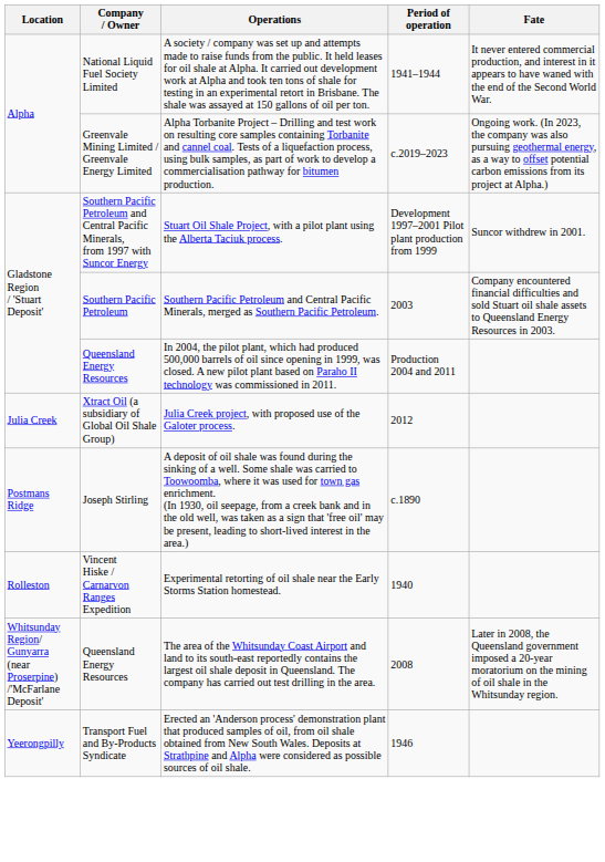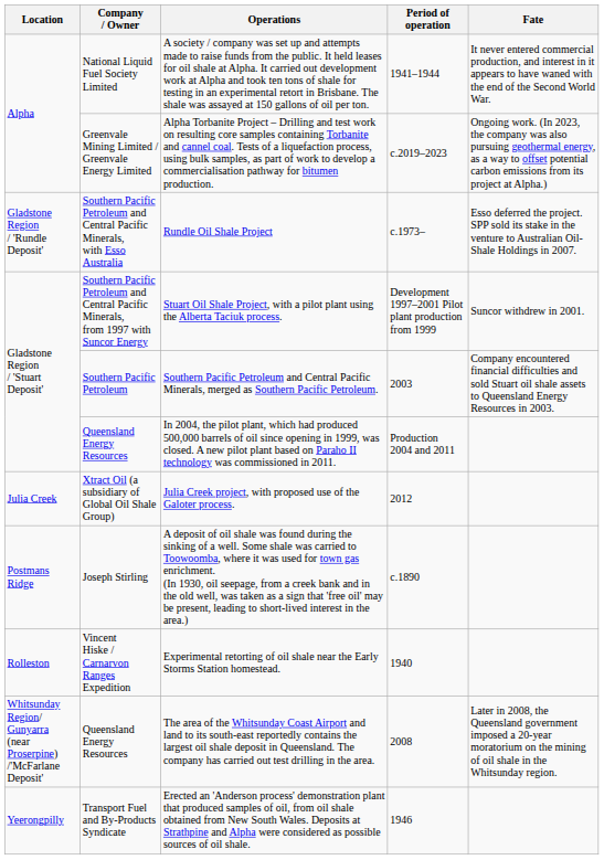 <table class="wikitable">
 <tr>
 <th>Location</th>
 <th>Company<br>/ Owner</th>
 <th>Operations</th>
 <th>Period of<br>operation</th>
 <th>Fate</th>
 </tr>
 <tr>
 <td rowspan="2"><a href='#'>Alpha</a></td>
 <td>National Liquid Fuel Society Limited</td>
 <td>A society / company was set up and attempts made to raise funds from the public. It held leases for oil shale at Alpha. It carried out development work at Alpha and took ten tons of shale for testing in an experimental retort in Brisbane. The shale was assayed at 150 gallons of oil per ton.</td>
 <td>1941–1944</td>
 <td>It never entered commercial production, and interest in it appears to have waned with the end of the Second World War.</td>
 </tr>
 <tr>
 <td>Greenvale Mining Limited / Greenvale Energy Limited</td>
 <td>Alpha Torbanite Project – Drilling and test work on resulting core samples containing <a href='#'>Torbanite</a> and <a href='#'>cannel coal</a>. Tests of a liquefaction process, using bulk samples, as part of work to develop a commercialisation pathway for <a href='#'>bitumen</a> production.</td>
 <td>c.2019–2023</td>
 <td>Ongoing work. (In 2023, the company was also pursuing <a href='#'>geothermal energy</a>, as a way to <a href='#'>offset</a> potential carbon emissions from its  project at Alpha.)</td>
+</tr>
+<tr>
+<td><a href='#'>Gladstone Region</a><br>/ 'Rundle Deposit'</td>
+<td><a href='#'>Southern Pacific Petroleum</a> and Central Pacific Minerals,<br>with <a href='#'>Esso Australia</a></td>
+<td><a href='#'>Rundle Oil Shale Project</a></td>
+<td>c.1973–</td>
+<td>Esso deferred the project. SPP sold its stake in the venture to Australian Oil-Shale Holdings in 2007.</td>
 </tr>
 <tr>
 <td rowspan="3">Gladstone Region<br>/ 'Stuart Deposit'</td>
 <td><a href='#'>Southern Pacific Petroleum</a> and Central Pacific Minerals,<br>from 1997 with <a href='#'>Suncor Energy</a></td>
 <td><a href='#'>Stuart Oil Shale Project</a>, with a pilot plant using the <a href='#'>Alberta Taciuk process</a>.</td>
 <td>Development<br>1997–2001 Pilot plant production from 1999</td>
 <td>Suncor withdrew in 2001.</td>
 </tr>
 <tr>
 <td><a href='#'>Southern Pacific Petroleum</a></td>
 <td><a href='#'>Southern Pacific Petroleum</a> and Central Pacific Minerals, merged as <a href='#'>Southern Pacific Petroleum</a>.</td>
 <td>2003</td>
 <td>Company encountered financial difficulties and sold Stuart oil shale assets to Queensland Energy Resources in 2003.</td>
 </tr>
 <tr>
 <td><a href='#'>Queensland Energy Resources</a></td>
 <td>In 2004, the pilot plant, which had produced 500,000 barrels of oil since opening in 1999, was closed. A new pilot plant based on  <a href='#'>Paraho II technology</a> was commissioned in 2011.</td>
 <td>Production<br>2004 and 2011</td>
 <td></td>
 </tr>
 <tr>
 <td><a href='#'>Julia Creek</a></td>
 <td><a href='#'>Xtract Oil</a> (a subsidiary of Global Oil Shale Group)</td>
 <td><a href='#'>Julia Creek project</a>, with proposed use of the <a href='#'>Galoter process</a>.</td>
 <td>2012</td>
 <td></td>
 </tr>
 <tr>
 <td><a href='#'>Postmans Ridge</a></td>
 <td>Joseph Stirling</td>
 <td>A deposit of oil shale was found during the sinking of a well. Some shale was carried to <a href='#'>Toowoomba</a>, where it was used for <a href='#'>town gas</a> enrichment.<br>(In 1930, oil seepage, from a creek bank and in the old well, was taken as a sign that 'free oil' may be present, leading to short-lived interest in the area.)</td>
 <td>c.1890</td>
 <td></td>
 </tr>
 <tr>
 <td><a href='#'>Rolleston</a></td>
 <td>Vincent<br>Hiske / <a href='#'>Carnarvon</a><br><a href='#'>Ranges</a> Expedition</td>
 <td>Experimental retorting of oil shale near the Early Storms Station homestead.</td>
 <td>1940</td>
 </tr>
 <tr>
 <td><a href='#'>Whitsunday Region</a>/ <a href='#'>Gunyarra</a><br>(near <a href='#'>Proserpine</a>) /'McFarlane Deposit'</td>
 <td>Queensland Energy Resources</td>
 <td>The area of the <a href='#'>Whitsunday Coast Airport</a> and land to its south-east reportedly contains the largest oil shale deposit in Queensland. The company has carried out test drilling in the area.</td>
 <td>2008</td>
 <td>Later in 2008, the Queensland government imposed a 20-year moratorium on the mining of oil shale in the Whitsunday region.</td>
 </tr>
 <tr>
 <td><a href='#'>Yeerongpilly</a></td>
 <td>Transport Fuel and By-Products Syndicate</td>
 <td>Erected an 'Anderson process' demonstration plant that produced samples of oil, from oil shale obtained from New South Wales. Deposits at <a href='#'>Strathpine</a> and <a href='#'>Alpha</a> were considered as possible sources of oil shale.</td>
 <td>1946</td>
 <td></td>
 </tr>
 </table>
